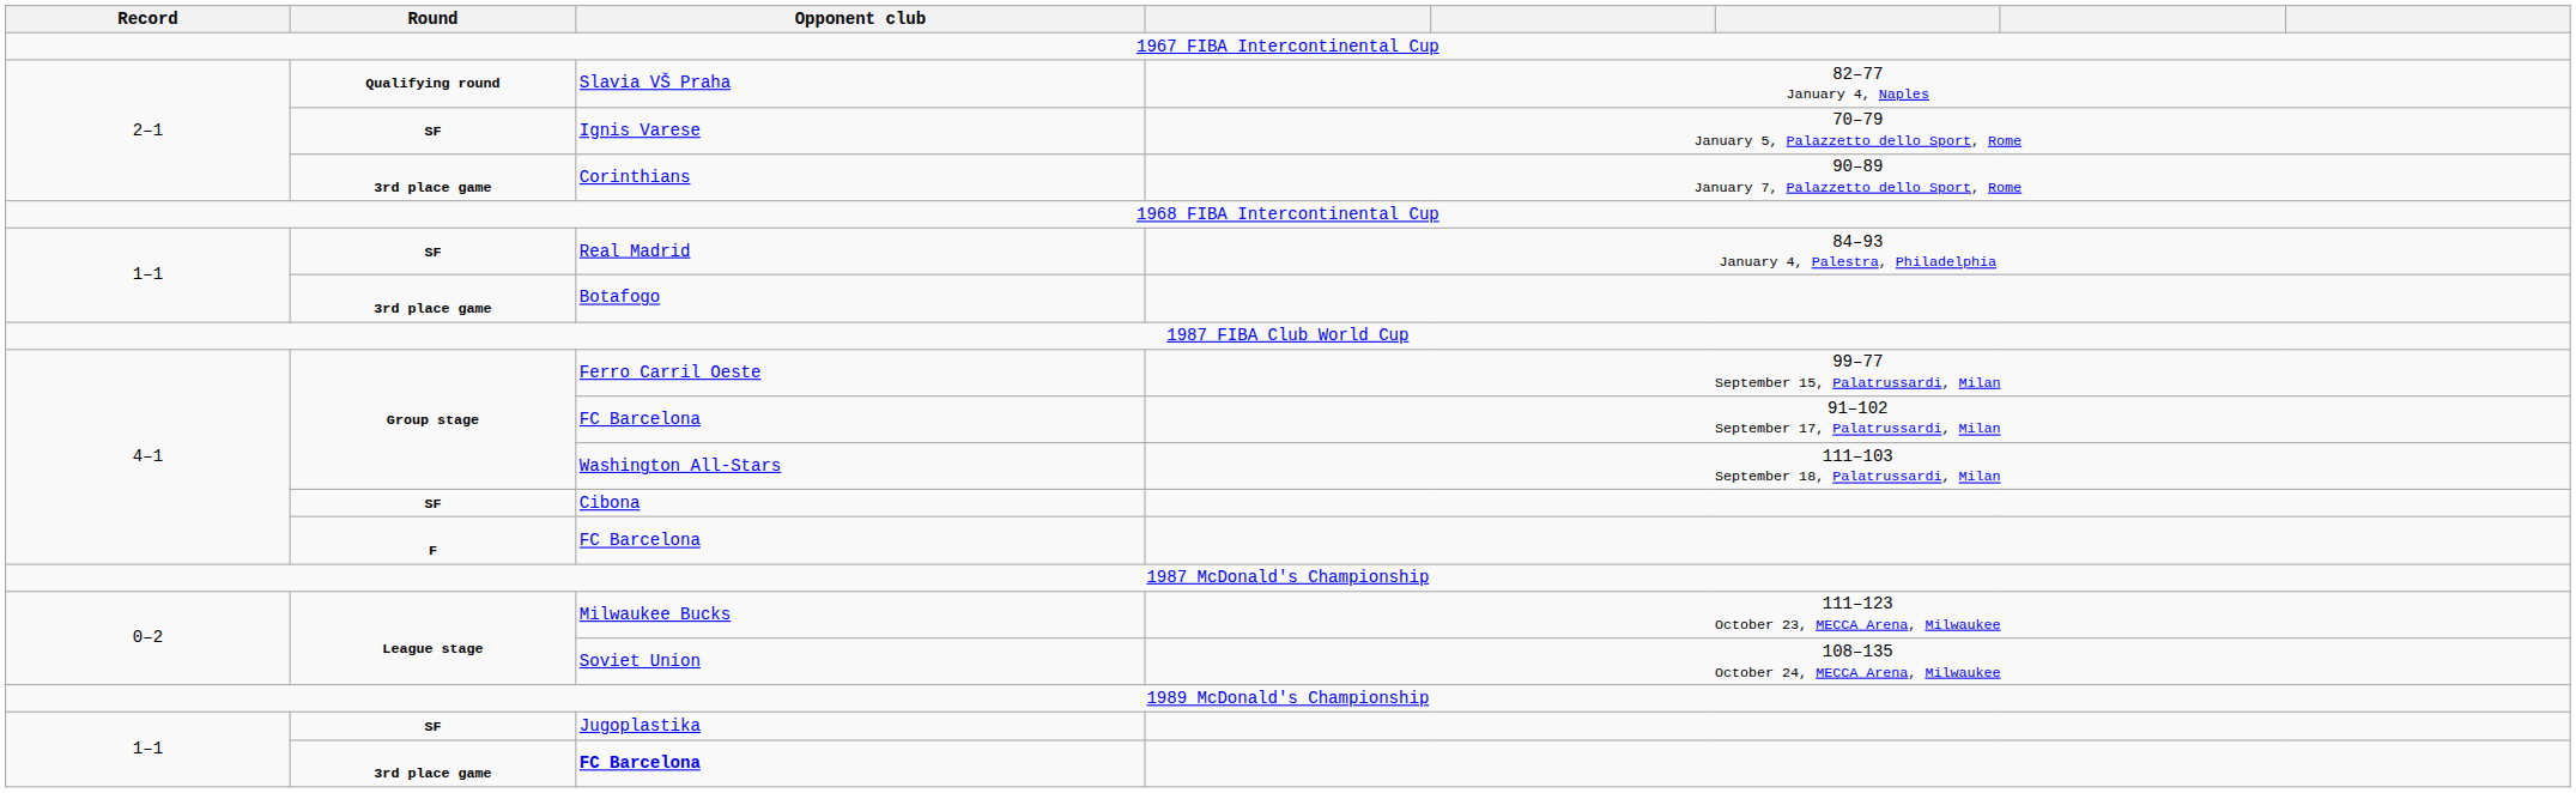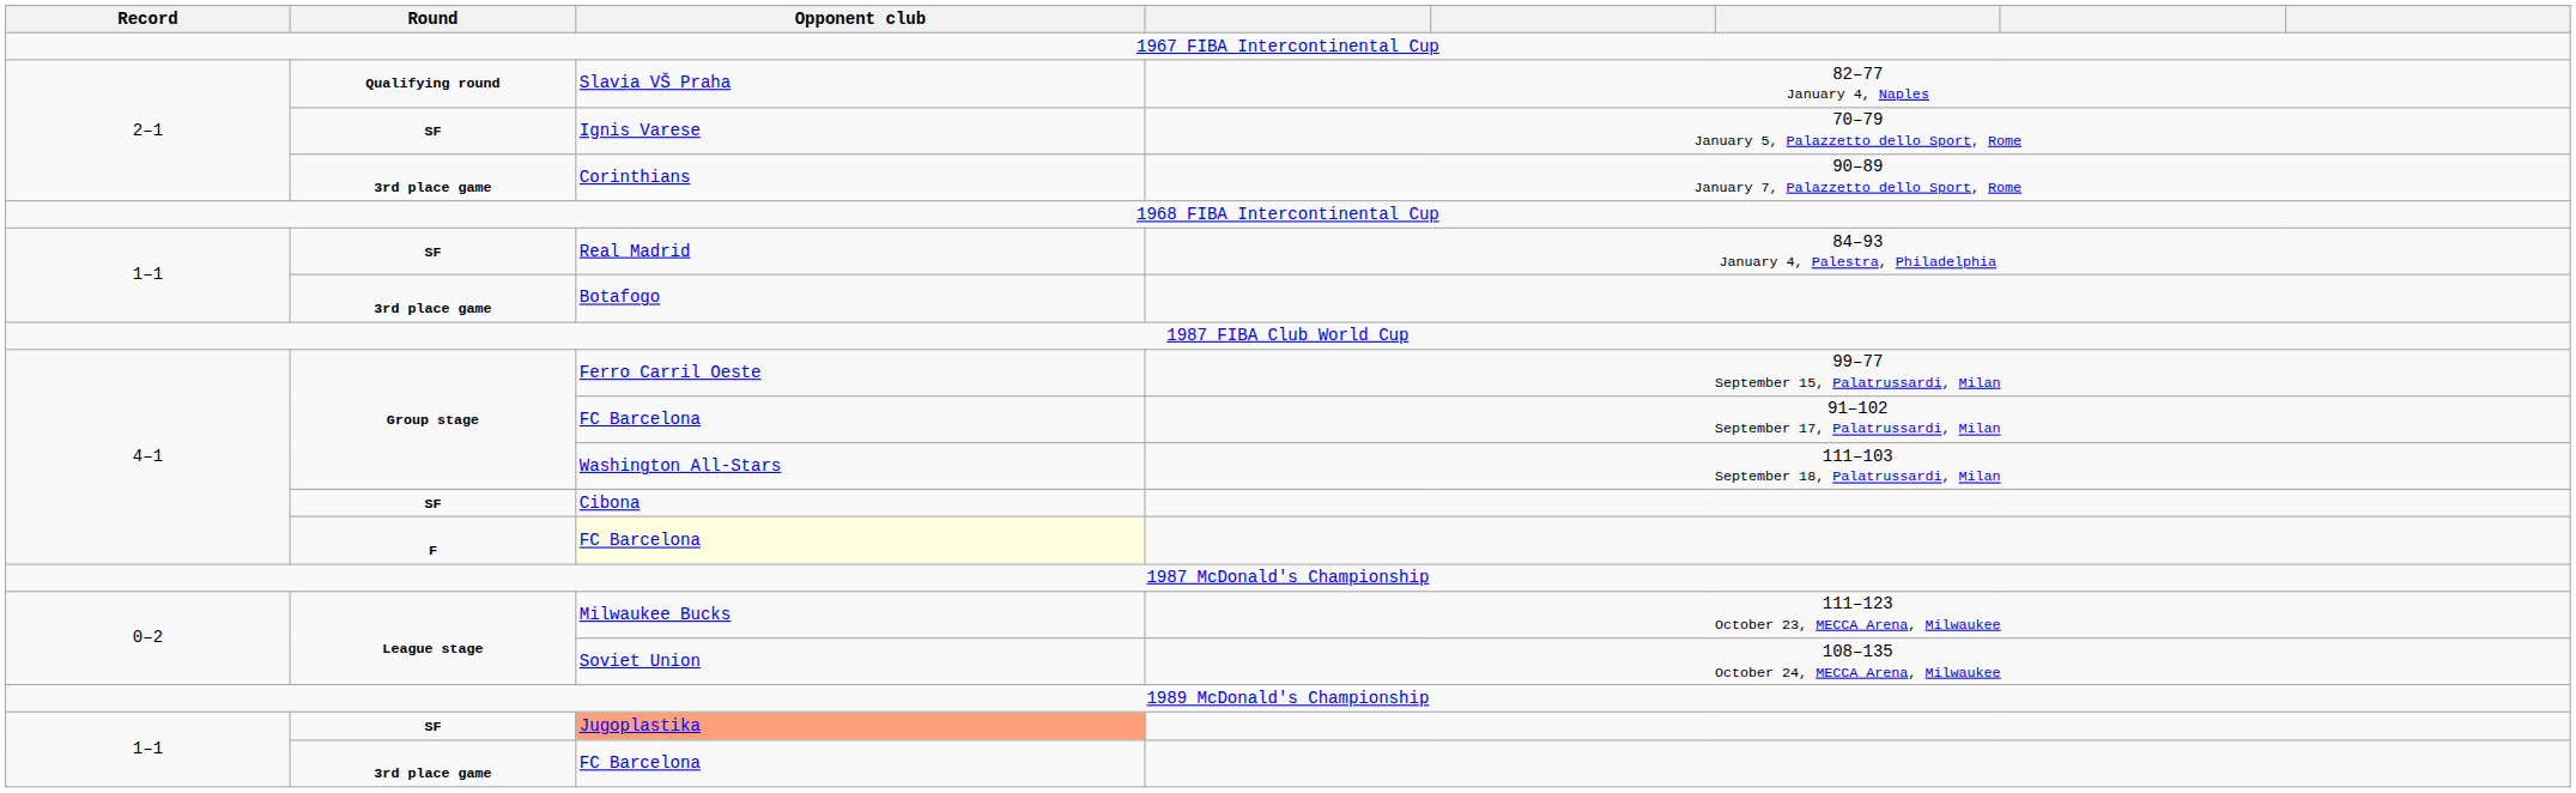 <table class="wikitable" width=100% style="text-align: center;">
 <tr>
 <th width=10%>Record</th>
 <th width=10%>Round</th>
 <th width=20%>Opponent club</th>
 <th width=10%></th>
 <th width=10%></th>
 <th width=10%></th>
 <th width=10%></th>
 <th width=10%></th>
 </tr>
 <tr>
 <td colspan=8><a href='#'>1967 FIBA Intercontinental Cup</a></td>
 </tr>
 <tr>
 <td rowspan=3>2–1</td>
 <td><small><strong>Qualifying round</strong></small></td>
 <td align=left> <a href='#'>Slavia VŠ Praha</a></td>
 <td colspan=5 style="text-align:center;">82–77<br><small>January 4, <a href='#'>Naples</a></small></td>
 </tr>
 <tr>
 <td><small><strong>SF</strong></small></td>
 <td align=left> <a href='#'>Ignis Varese</a></td>
 <td colspan=5 style="text-align:center;">70–79<br><small>January 5, <a href='#'>Palazzetto dello Sport</a>, <a href='#'>Rome</a></small></td>
 </tr>
 <tr>
 <td><br><small><strong>3rd place game</strong></small></td>
 <td align=left> <a href='#'>Corinthians</a></td>
 <td colspan=5 style="text-align:center;">90–89<br><small>January 7, <a href='#'>Palazzetto dello Sport</a>, <a href='#'>Rome</a></small></td>
 </tr>
 <tr>
 <td colspan=8><a href='#'>1968 FIBA Intercontinental Cup</a></td>
 </tr>
 <tr>
 <td rowspan=2>1–1</td>
 <td><small><strong>SF</strong></small></td>
 <td align=left> <a href='#'>Real Madrid</a></td>
 <td colspan=5 style="text-align:center;">84–93<br><small>January 4, <a href='#'>Palestra</a>, <a href='#'>Philadelphia</a></small></td>
 </tr>
 <tr>
 <td><br><small><strong>3rd place game</strong></small></td>
 <td align=left> <a href='#'>Botafogo</a></td>
 <td colspan=5></td>
 </tr>
 <tr>
 <td colspan=8><a href='#'>1987 FIBA Club World Cup</a></td>
 </tr>
 <tr>
 <td rowspan=5>4–1</td>
 <td rowspan=3><small><strong>Group stage</strong></small></td>
 <td align=left> <a href='#'>Ferro Carril Oeste</a></td>
 <td colspan=5>99–77 <br><small>September 15, <a href='#'>Palatrussardi</a>, <a href='#'>Milan</a></small></td>
 </tr>
 <tr>
 <td align=left> <a href='#'>FC Barcelona</a></td>
 <td colspan=5>91–102 <br><small>September 17, <a href='#'>Palatrussardi</a>, <a href='#'>Milan</a></small></td>
 </tr>
 <tr>
 <td align=left> <a href='#'>Washington All-Stars</a></td>
 <td colspan=5>111–103 <br><small>September 18, <a href='#'>Palatrussardi</a>, <a href='#'>Milan</a></small></td>
 </tr>
 <tr>
 <td><small><strong>SF</strong></small></td>
 <td align=left> <a href='#'>Cibona</a></td>
 <td colspan=5></td>
 </tr>
 <tr>
 <td><br><small><strong>F</strong></small></td>
-<td align=left> <a href='#'>FC Barcelona</a></td>
+<td align=left style="background: lightyellow;"> <a href='#'>FC Barcelona</a></td>
 <td colspan=5></td>
 </tr>
 <tr>
 <td colspan=8><a href='#'>1987 McDonald's Championship</a></td>
 </tr>
 <tr>
 <td rowspan=2>0–2</td>
 <td rowspan=2><br><small><strong>League stage</strong></small></td>
 <td align=left> <a href='#'>Milwaukee Bucks</a></td>
 <td colspan=5>111–123 <br><small>October 23, <a href='#'>MECCA Arena</a>, <a href='#'>Milwaukee</a></small></td>
 </tr>
 <tr>
 <td align=left> <a href='#'>Soviet Union</a></td>
 <td colspan=5>108–135 <br><small>October 24, <a href='#'>MECCA Arena</a>, <a href='#'>Milwaukee</a></small></td>
 </tr>
 <tr>
 <td colspan=8><a href='#'>1989 McDonald's Championship</a></td>
 </tr>
 <tr>
 <td rowspan=2>1–1</td>
 <td><small><strong>SF</strong></small></td>
-<td align=left> <a href='#'>Jugoplastika</a></td>
+<td align=left style="background: lightsalmon;"> <a href='#'>Jugoplastika</a></td>
 <td colspan=5></td>
 </tr>
 <tr>
 <td><br><small><strong>3rd place game</strong></small></td>
-<td align=left><strong> <a href='#'>FC Barcelona</a></strong></td>
+<td align=left> <a href='#'>FC Barcelona</a></td>
 <td colspan=5></td>
 </tr>
 </table>
